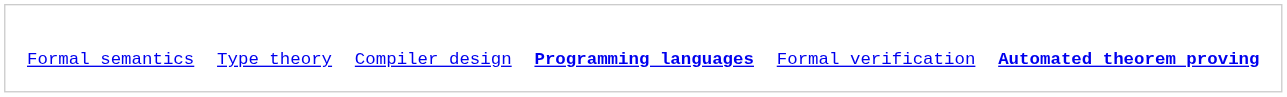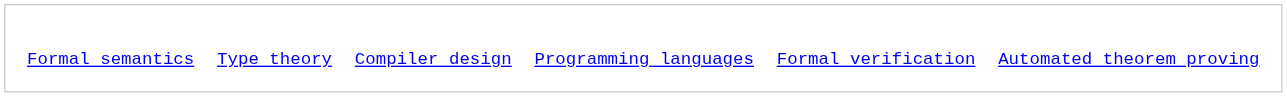 <table style="border:1px solid #ccc; text-align:center; margin:auto;" cellspacing="15">
 <tr>
 <td></td>
 <td></td>
 <td></td>
 <td></td>
 <td></td>
 <td></td>
 </tr>
 <tr>
 <td><a href='#'>Formal semantics</a></td>
 <td><a href='#'>Type theory</a></td>
 <td><a href='#'>Compiler design</a></td>
-<td><strong><a href='#'>Programming languages</a></strong></td>
+<td><a href='#'>Programming languages</a></td>
 <td><a href='#'>Formal verification</a></td>
-<td><strong><a href='#'>Automated theorem proving</a></strong></td>
+<td><a href='#'>Automated theorem proving</a></td>
 </tr>
 </table>
